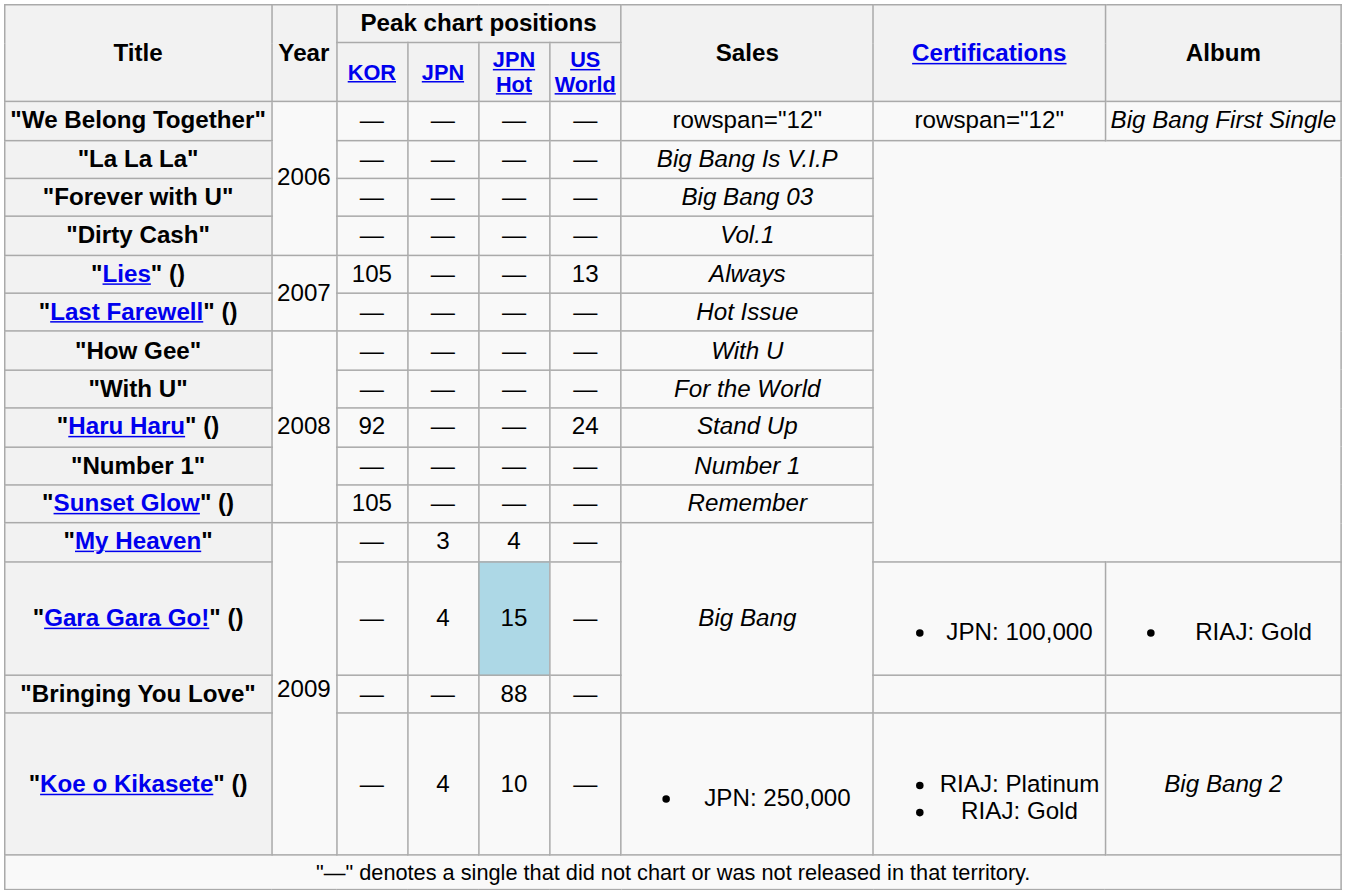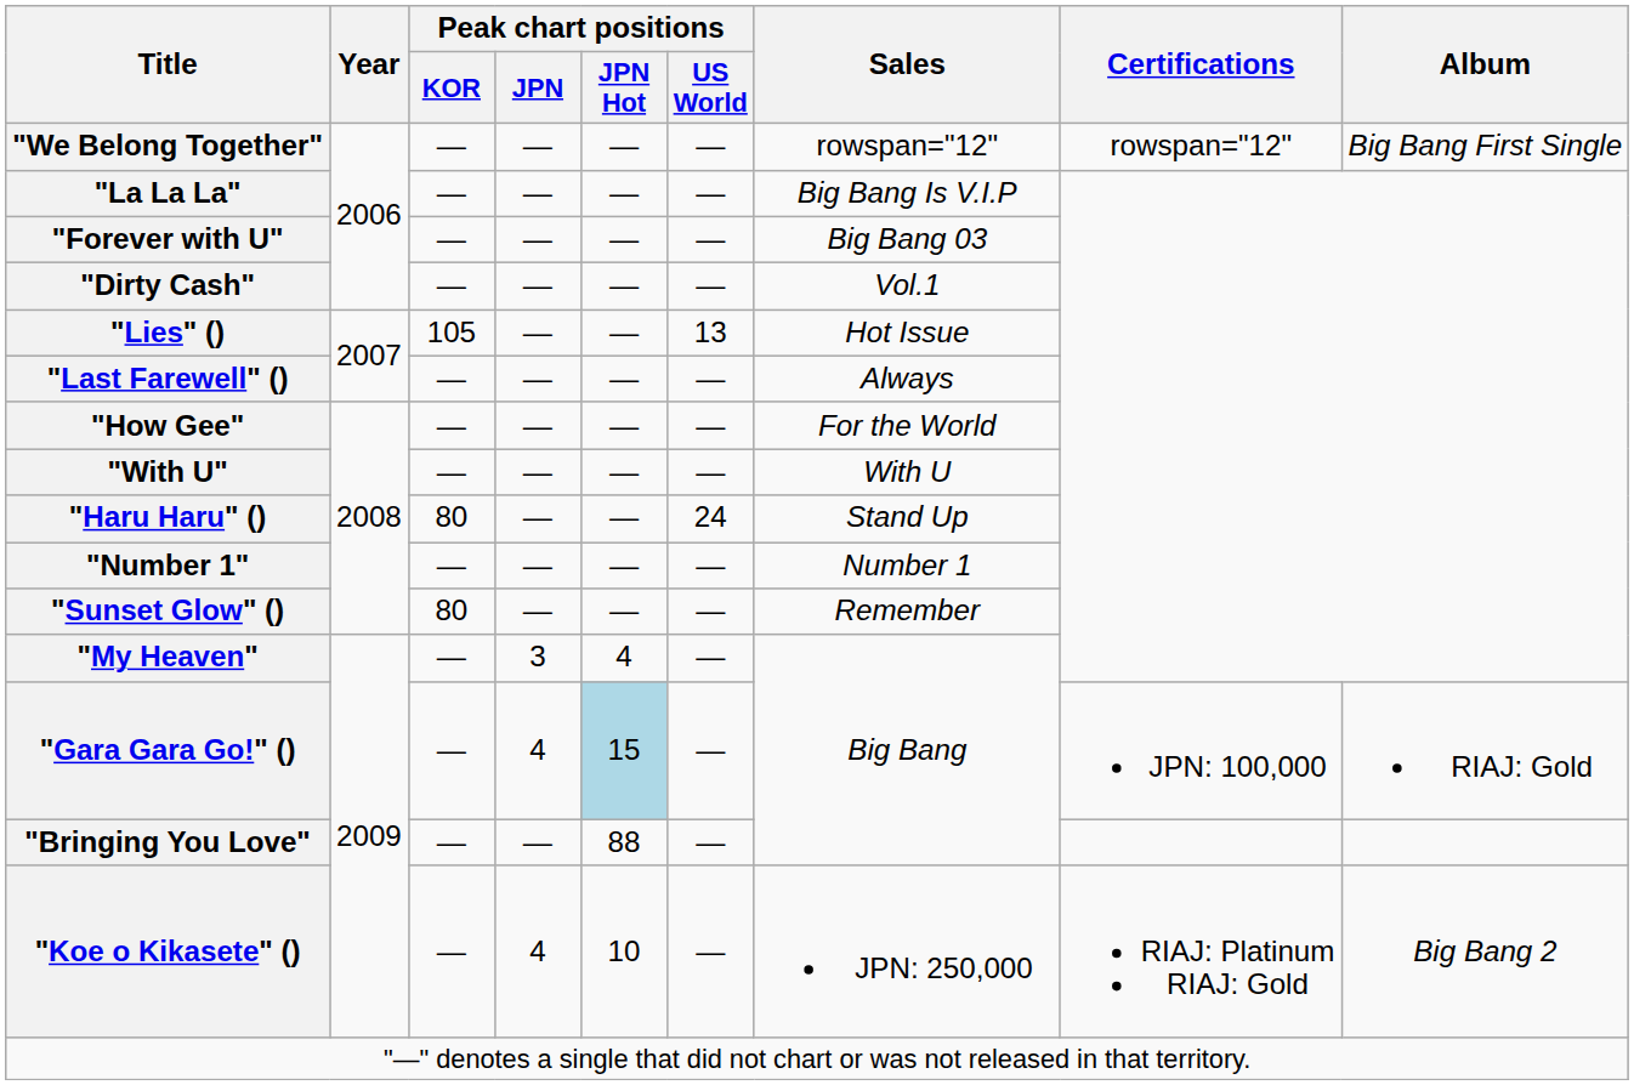 <table class="wikitable plainrowheaders" style="text-align:center;">
 <tr>
 <th scope="col" rowspan="2">Title</th>
 <th scope="col" rowspan="2">Year</th>
 <th scope="col" colspan="4">Peak chart positions</th>
 <th scope="col" rowspan="2" style="width:10em;">Sales</th>
 <th scope="col" rowspan="2"><a href='#'>Certifications</a></th>
 <th scope="col" rowspan="2">Album</th>
 </tr>
 <tr>
 <th scope="col" style="width:2.8em;font-size:90%;"><a href='#'>KOR</a><br></th>
 <th scope="col" style="width:2.8em;font-size:90%;"><a href='#'>JPN</a><br></th>
 <th scope="col" style="width:2.8em;font-size:90%;"><a href='#'>JPN Hot</a><br></th>
 <th scope="col" style="width:2.8em;font-size:90%;"><a href='#'>US<br>World</a><br></th>
 </tr>
 <tr>
 <th scope="row">"We Belong Together" <br> </th>
 <td rowspan="4">2006</td>
 <td>—</td>
 <td>—</td>
 <td>—</td>
 <td>—</td>
 <td>rowspan="12" </td>
 <td>rowspan="12" </td>
 <td><em>Big Bang First Single</em></td>
 </tr>
 <tr>
 <th scope="row">"La La La"</th>
 <td>—</td>
 <td>—</td>
 <td>—</td>
 <td>—</td>
 <td><em>Big Bang Is V.I.P</em></td>
 </tr>
 <tr>
 <th scope="row">"Forever with U" <br> </th>
 <td>—</td>
 <td>—</td>
 <td>—</td>
 <td>—</td>
 <td><em>Big Bang 03</em></td>
 </tr>
 <tr>
 <th scope="row">"Dirty Cash"</th>
 <td>—</td>
 <td>—</td>
 <td>—</td>
 <td>—</td>
 <td><em>Vol.1</em></td>
 </tr>
 <tr>
 <th scope="row">"<a href='#'>Lies</a>" ()</th>
 <td rowspan="2">2007</td>
 <td>105</td>
 <td>—</td>
 <td>—</td>
 <td>13</td>
-<td><em>Always</em></td>
+<td><em>Hot Issue</em></td>
 </tr>
 <tr>
 <th scope="row">"<a href='#'>Last Farewell</a>" ()</th>
 <td>—</td>
 <td>—</td>
 <td>—</td>
 <td>—</td>
-<td><em>Hot Issue</em></td>
+<td><em>Always</em></td>
 </tr>
 <tr>
 <th scope="row">"How Gee"</th>
 <td rowspan="5">2008</td>
 <td>—</td>
 <td>—</td>
 <td>—</td>
 <td>—</td>
-<td><em>With U</em></td>
+<td><em>For the World</em></td>
 </tr>
 <tr>
 <th scope="row">"With U"</th>
 <td>—</td>
 <td>—</td>
 <td>—</td>
 <td>—</td>
-<td><em>For the World</em></td>
+<td><em>With U</em></td>
 </tr>
 <tr>
 <th scope="row">"<a href='#'>Haru Haru</a>" ()</th>
-<td>92</td>
+<td>80</td>
 <td>—</td>
 <td>—</td>
 <td>24</td>
 <td><em>Stand Up</em></td>
 </tr>
 <tr>
 <th scope="row">"Number 1"</th>
 <td>—</td>
 <td>—</td>
 <td>—</td>
 <td>—</td>
 <td><em>Number 1</em></td>
 </tr>
 <tr>
 <th scope="row">"<a href='#'>Sunset Glow</a>" ()</th>
-<td>105</td>
+<td>80</td>
 <td>—</td>
 <td>—</td>
 <td>—</td>
 <td><em>Remember</em></td>
 </tr>
 <tr>
 <th scope="row">"<a href='#'>My Heaven</a>"</th>
 <td rowspan="4">2009</td>
 <td>—</td>
 <td>3</td>
 <td>4</td>
 <td>—</td>
 <td rowspan="3"><em>Big Bang</em></td>
 </tr>
 <tr>
 <th scope="row">"<a href='#'>Gara Gara Go!</a>" ()</th>
 <td>—</td>
 <td>4</td>
 <td style="background: lightblue;">15</td>
 <td>—</td>
 <td><br><ul><li>JPN: 100,000</li></ul></td>
 <td><br><ul><li>RIAJ: Gold </li></ul></td>
 </tr>
 <tr>
 <th scope="row">"Bringing You Love"</th>
 <td>—</td>
 <td>—</td>
 <td>88</td>
 <td>—</td>
 <td></td>
 <td></td>
 </tr>
 <tr>
 <th scope="row">"<a href='#'>Koe o Kikasete</a>" ()</th>
 <td>—</td>
 <td>4</td>
 <td>10</td>
 <td>—</td>
 <td><br><ul><li>JPN: 250,000</li></ul></td>
 <td><br><ul><li>RIAJ: Platinum </li><li>RIAJ: Gold </li></ul></td>
 <td><em>Big Bang 2</em></td>
 </tr>
 <tr>
 <td colspan="9" style="font-size:90%">"—" denotes a single that did not chart or was not released in that territory.</td>
 </tr>
 </table>
